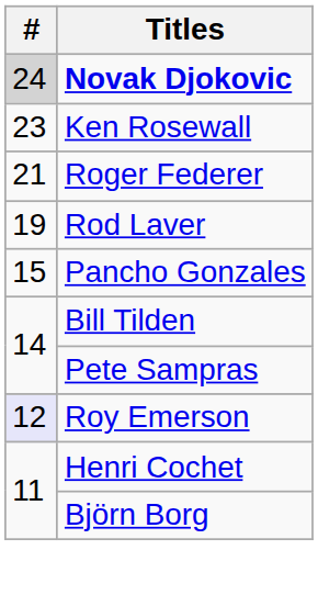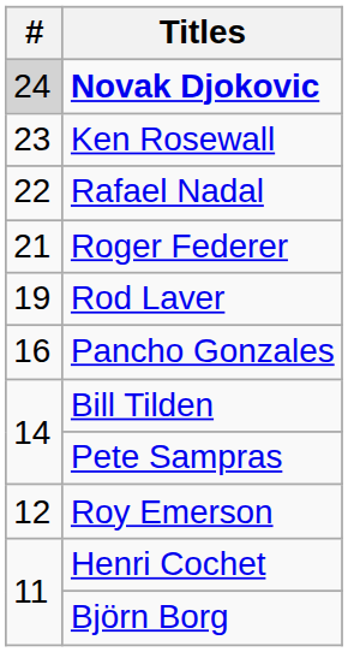 <table class=wikitable style="display:inline-table;">
 <tr>
 <th width=20>#</th>
 <th>Titles</th>
 </tr>
 <tr>
 <td style="background: lightgrey;">24</td>
 <td> <strong><a href='#'>Novak Djokovic</a></strong></td>
 </tr>
 <tr>
 <td>23</td>
 <td> <a href='#'>Ken Rosewall</a></td>
 </tr>
 <tr>
+<td>22</td>
+<td> <a href='#'>Rafael Nadal</a></td>
+</tr>
+<tr>
 <td>21</td>
 <td> <a href='#'>Roger Federer</a></td>
 </tr>
 <tr>
 <td>19</td>
 <td> <a href='#'>Rod Laver</a></td>
 </tr>
 <tr>
-<td>15</td>
+<td>16</td>
 <td> <a href='#'>Pancho Gonzales</a></td>
 </tr>
 <tr>
 <td rowspan="2">14</td>
 <td> <a href='#'>Bill Tilden</a></td>
 </tr>
 <tr>
 <td> <a href='#'>Pete Sampras</a></td>
 </tr>
 <tr>
-<td style="background: lavender;">12</td>
+<td>12</td>
 <td> <a href='#'>Roy Emerson</a></td>
 </tr>
 <tr>
 <td rowspan="2">11</td>
 <td> <a href='#'>Henri Cochet</a></td>
 </tr>
 <tr>
 <td> <a href='#'>Björn Borg</a></td>
 </tr>
 </table>
